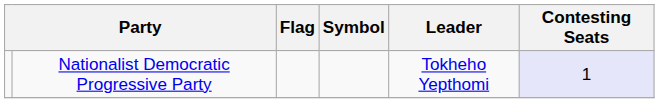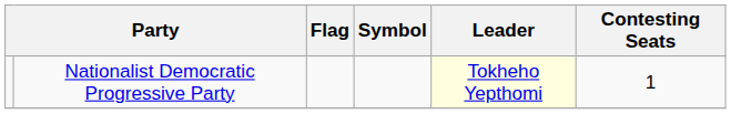 <table class="wikitable" style="text-align:center">
 <tr>
 <th colspan="2">Party</th>
 <th>Flag</th>
 <th>Symbol</th>
 <th>Leader</th>
 <th>Contesting Seats</th>
 </tr>
 <tr>
 <td></td>
 <td><a href='#'>Nationalist Democratic Progressive Party</a></td>
 <td></td>
 <td></td>
-<td><a href='#'>Tokheho Yepthomi</a></td>
-<td style="background: lavender;">1</td>
+<td style="background: lightyellow;"><a href='#'>Tokheho Yepthomi</a></td>
+<td>1</td>
 </tr>
 <tr>
 </tr>
 </table>
